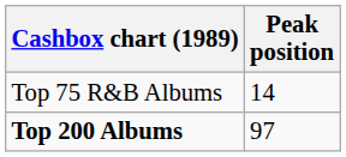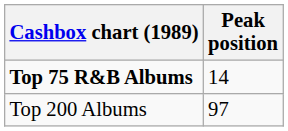 <table class="wikitable">
 <tr>
 <th><a href='#'>Cashbox</a> chart (1989)</th>
 <th>Peak<br>position</th>
 </tr>
 <tr>
-<td>Top 75 R&B Albums</td>
+<td><strong>Top 75 R&B Albums</strong></td>
 <td colspan="3">14</td>
 </tr>
 <tr>
-<td><strong>Top 200 Albums</strong></td>
+<td>Top 200 Albums</td>
 <td colspan="3">97</td>
 </tr>
 </table>
